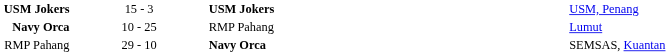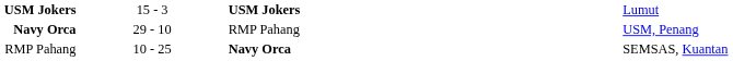 <table width=100% cellspacing=1>
 <tr>
 <th width=25%></th>
 <th width=10%></th>
 <th></th>
 </tr>
 <tr>
 </tr>
 <tr style=font-size:90%>
 <td align=right><strong>USM Jokers</strong> </td>
 <td align=center>15 - 3</td>
 <td><strong> USM Jokers</strong></td>
+<td><a href='#'>Lumut</a></td>
+</tr>
+<tr>
+</tr>
+<tr style=font-size:90%>
+<td align=right><strong>Navy Orca</strong> </td>
+<td align=center>29 - 10</td>
+<td> RMP Pahang</td>
 <td><a href='#'>USM, Penang</a></td>
 </tr>
 <tr>
 </tr>
 <tr style=font-size:90%>
-<td align=right><strong>Navy Orca</strong> </td>
+<td align=right>RMP Pahang </td>
 <td align=center>10 - 25</td>
-<td> RMP Pahang</td>
-<td><a href='#'>Lumut</a></td>
-</tr>
-<tr>
-</tr>
-<tr style=font-size:90%>
-<td align=right>RMP Pahang </td>
-<td align=center>29 - 10</td>
 <td> <strong>Navy Orca</strong></td>
 <td>SEMSAS, <a href='#'>Kuantan</a></td>
 </tr>
 </table>
